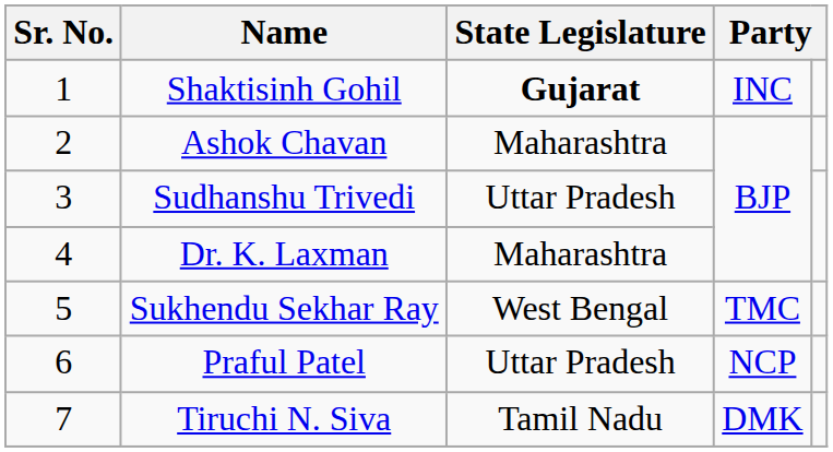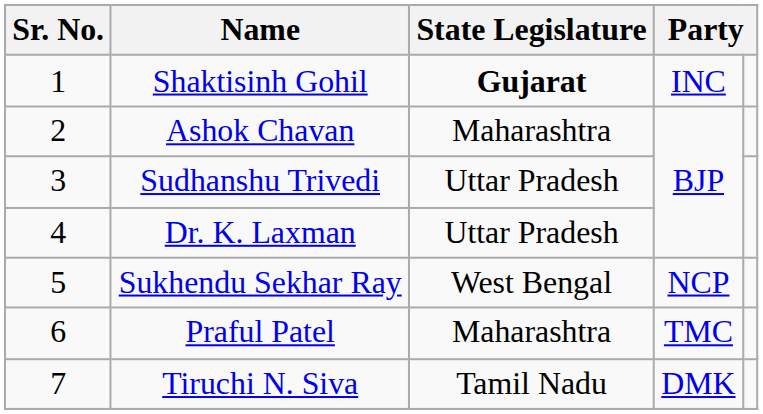 <table class="wikitable">
 <tr>
 <th>Sr. No.</th>
 <th>Name</th>
 <th>State Legislature</th>
 <th colspan="2">Party</th>
 </tr>
 <tr align=center>
 <td>1</td>
 <td><a href='#'>Shaktisinh Gohil</a></td>
 <td><strong>Gujarat</strong></td>
 <td rowspan="1"><a href='#'>INC</a></td>
 <td></td>
 </tr>
 <tr align=center>
 <td>2</td>
 <td><a href='#'>Ashok Chavan</a></td>
 <td>Maharashtra</td>
 <td rowspan="3"><a href='#'>BJP</a></td>
 <td></td>
 </tr>
 <tr align=center>
 <td>3</td>
 <td><a href='#'>Sudhanshu Trivedi</a></td>
 <td>Uttar Pradesh</td>
 </tr>
 <tr align=center>
 <td>4</td>
 <td><a href='#'>Dr. K. Laxman</a></td>
-<td>Maharashtra</td>
+<td>Uttar Pradesh</td>
 </tr>
 <tr align=center>
 <td>5</td>
 <td><a href='#'>Sukhendu Sekhar Ray</a></td>
 <td>West Bengal</td>
-<td rowspan="1"><a href='#'>TMC</a></td>
+<td rowspan="1"><a href='#'>NCP</a></td>
 <td></td>
 </tr>
 <tr align=center>
 <td>6</td>
 <td><a href='#'>Praful Patel</a></td>
-<td>Uttar Pradesh</td>
-<td rowspan="1"><a href='#'>NCP</a></td>
+<td>Maharashtra</td>
+<td rowspan="1"><a href='#'>TMC</a></td>
 <td></td>
 </tr>
 <tr align=center>
 <td>7</td>
 <td><a href='#'>Tiruchi N. Siva</a></td>
 <td>Tamil Nadu</td>
 <td><a href='#'>DMK</a></td>
 <td bgcolor=></td>
 </tr>
 <tr align=center>
 </tr>
 </table>
